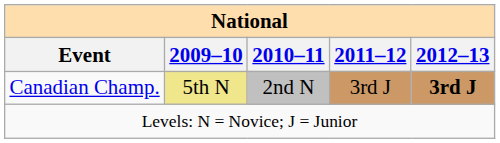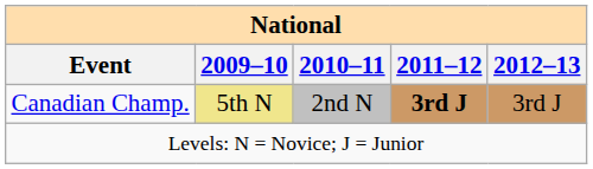 <table class="wikitable" style="text-align:center">
 <tr>
 <th style="background-color: #ffdead; " colspan=5 align=center>National</th>
 </tr>
 <tr>
 <th>Event</th>
 <th><a href='#'>2009–10</a></th>
 <th><a href='#'>2010–11</a></th>
 <th><a href='#'>2011–12</a></th>
 <th><a href='#'>2012–13</a></th>
 </tr>
 <tr>
 <td align=left><a href='#'>Canadian Champ.</a></td>
 <td style="background: khaki;">5th N</td>
 <td bgcolor=silver>2nd N</td>
+<td bgcolor=cc9966><strong>3rd J</strong></td>
 <td bgcolor=cc9966>3rd J</td>
-<td bgcolor=cc9966><strong>3rd J</strong></td>
 </tr>
 <tr>
 <td colspan=5 align=center><small> Levels: N = Novice; J = Junior </small></td>
 </tr>
 </table>
